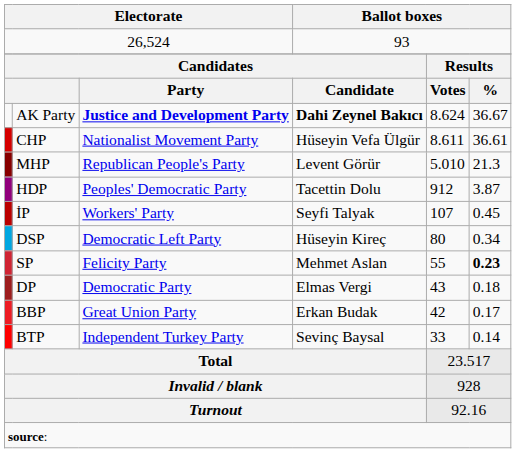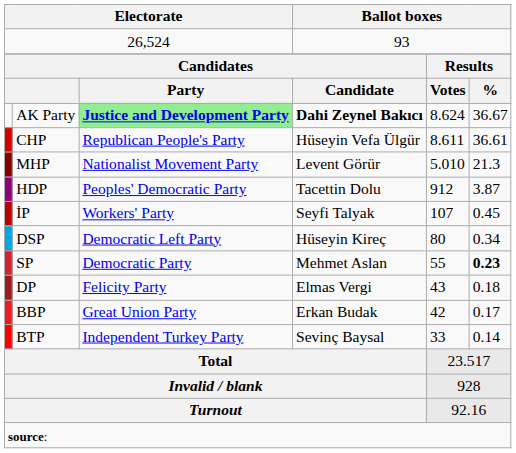 <table class="wikitable">
 <tr style="background-color:#F2F2F2">
 <td align="center" colspan="3"><strong>Electorate</strong></td>
 <td align="center" colspan="7"><strong>Ballot boxes</strong></td>
 </tr>
 <tr align="left">
 <td align="center" colspan="3">26,524</td>
 <td align="center" colspan="7">93</td>
 </tr>
 <tr>
 </tr>
 <tr style="background-color:#E9E9E9">
 </tr>
 <tr>
 <th align="center" colspan="4">Candidates</th>
 <th align="center" colspan="6">Results</th>
 </tr>
 <tr style="background-color:#E9E9E9">
 <th align="center" colspan="2"></th>
 <th align="center">Party</th>
 <th align="center">Candidate</th>
 <th align="center">Votes</th>
 <th align="center">%</th>
 </tr>
 <tr align="left">
 <td></td>
 <td>AK Party</td>
-<td><strong><a href='#'>Justice and Development Party</a></strong></td>
+<td style="background: lightgreen;"><strong><a href='#'>Justice and Development Party</a></strong></td>
 <td><strong>Dahi Zeynel Bakıcı</strong></td>
 <td>8.624</td>
 <td>36.67</td>
 </tr>
 <tr align="left">
 <td bgcolor="#d50000" width=1></td>
 <td>CHP</td>
-<td><a href='#'>Nationalist Movement Party</a></td>
+<td><a href='#'>Republican People's Party</a></td>
 <td>Hüseyin Vefa Ülgür</td>
 <td>8.611</td>
 <td>36.61</td>
 </tr>
 <tr align="left">
 <td bgcolor="#870000" width=1></td>
 <td>MHP</td>
-<td><a href='#'>Republican People's Party</a></td>
+<td><a href='#'>Nationalist Movement Party</a></td>
 <td>Levent Görür</td>
 <td>5.010</td>
 <td>21.3</td>
 </tr>
 <tr align="left">
 <td bgcolor="#91007B" width=1></td>
 <td>HDP</td>
 <td><a href='#'>Peoples' Democratic Party</a></td>
 <td>Tacettin Dolu</td>
 <td>912</td>
 <td>3.87</td>
 </tr>
 <tr align="left">
 <td bgcolor="#BB0000" width=1></td>
 <td>İP</td>
 <td><a href='#'>Workers' Party</a></td>
 <td>Seyfi Talyak</td>
 <td>107</td>
 <td>0.45</td>
 </tr>
 <tr align="left">
 <td bgcolor="#01A7E1" width=1></td>
 <td>DSP</td>
 <td><a href='#'>Democratic Left Party</a></td>
 <td>Hüseyin Kireç</td>
 <td>80</td>
 <td>0.34</td>
 </tr>
 <tr align="left">
 <td bgcolor="#D02433" width=1></td>
 <td>SP</td>
-<td><a href='#'>Felicity Party</a></td>
+<td><a href='#'>Democratic Party</a></td>
 <td>Mehmet Aslan</td>
 <td>55</td>
 <td><strong>0.23</strong></td>
 </tr>
 <tr align="left">
 <td bgcolor="#9D1D1E" width=1></td>
 <td>DP</td>
-<td><a href='#'>Democratic Party</a></td>
+<td><a href='#'>Felicity Party</a></td>
 <td>Elmas Vergi</td>
 <td>43</td>
 <td>0.18</td>
 </tr>
 <tr align="left">
 <td bgcolor="#ED1C24" width=1></td>
 <td>BBP</td>
 <td><a href='#'>Great Union Party</a></td>
 <td>Erkan Budak</td>
 <td>42</td>
 <td>0.17</td>
 </tr>
 <tr align="left">
 <td bgcolor="#FE0000" width=1></td>
 <td>BTP</td>
 <td><a href='#'>Independent Turkey Party</a></td>
 <td>Sevinç Baysal</td>
 <td>33</td>
 <td>0.14</td>
 </tr>
 <tr style="background-color:#E9E9E9" align="left">
 <th align="center" colspan="4"><strong>Total</strong></th>
 <td align="center" colspan="5">23.517</td>
 </tr>
 <tr style="background-color:#E9E9E9" align="left">
 <th align="center" colspan="4"><em>Invalid / blank</em></th>
 <td align="center" colspan="5">928</td>
 </tr>
 <tr style="background-color:#E9E9E9" align="left">
 <th align="center" colspan="4"><em>Turnout</em></th>
 <td align="center" colspan="5">92.16</td>
 </tr>
 <tr>
 <td align="left" colspan=10><small><strong>source</strong>: </small></td>
 </tr>
 </table>
